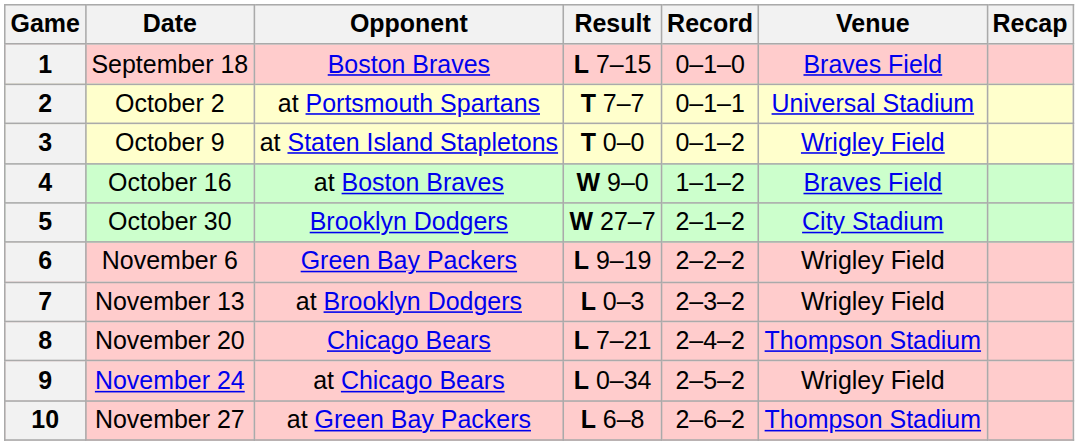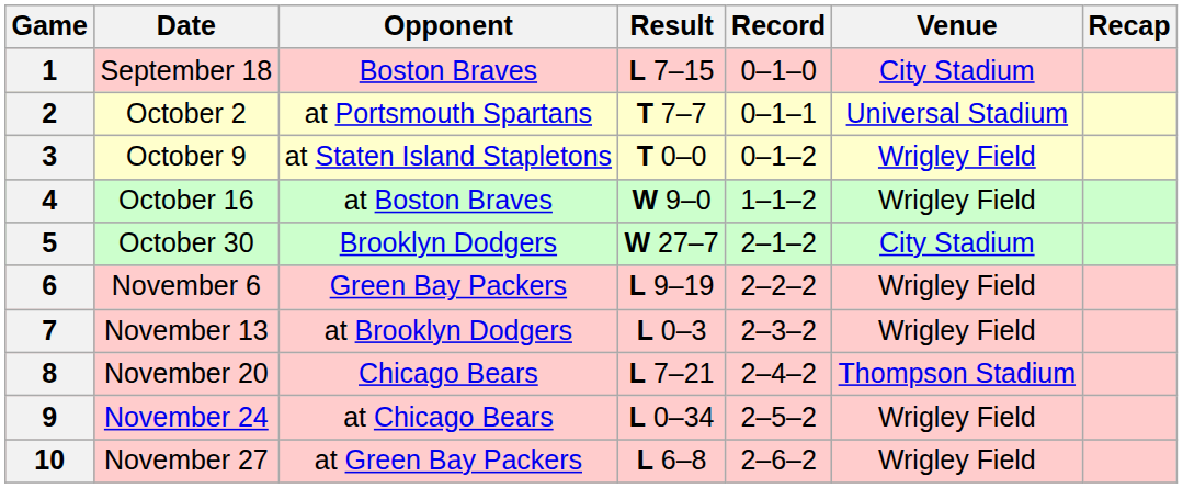 <table class="wikitable" style="text-align:center">
 <tr>
 <th>Game</th>
 <th>Date</th>
 <th>Opponent</th>
 <th>Result</th>
 <th>Record</th>
 <th>Venue</th>
 <th>Recap</th>
 </tr>
 <tr style="background:#fcc">
 <th>1</th>
 <td>September 18</td>
 <td><a href='#'>Boston Braves</a></td>
 <td><strong>L</strong> 7–15</td>
 <td>0–1–0</td>
-<td><a href='#'>Braves Field</a></td>
+<td><a href='#'>City Stadium</a></td>
 <td></td>
 </tr>
 <tr style="background:#ffc">
 <th>2</th>
 <td>October 2</td>
 <td>at <a href='#'>Portsmouth Spartans</a></td>
 <td><strong>T</strong> 7–7</td>
 <td>0–1–1</td>
 <td><a href='#'>Universal Stadium</a></td>
 <td></td>
 </tr>
 <tr style="background:#ffc">
 <th>3</th>
 <td>October 9</td>
 <td>at <a href='#'>Staten Island Stapletons</a></td>
 <td><strong>T</strong> 0–0</td>
 <td>0–1–2</td>
 <td><a href='#'>Wrigley Field</a></td>
 <td></td>
 </tr>
 <tr style="background:#cfc">
 <th>4</th>
 <td>October 16</td>
 <td>at <a href='#'>Boston Braves</a></td>
 <td><strong>W</strong> 9–0</td>
 <td>1–1–2</td>
-<td><a href='#'>Braves Field</a></td>
+<td>Wrigley Field</td>
 <td></td>
 </tr>
 <tr style="background:#cfc">
 <th>5</th>
 <td>October 30</td>
 <td><a href='#'>Brooklyn Dodgers</a></td>
 <td><strong>W</strong> 27–7</td>
 <td>2–1–2</td>
 <td><a href='#'>City Stadium</a></td>
 <td></td>
 </tr>
 <tr style="background:#fcc">
 <th>6</th>
 <td>November 6</td>
 <td><a href='#'>Green Bay Packers</a></td>
 <td><strong>L</strong> 9–19</td>
 <td>2–2–2</td>
 <td>Wrigley Field</td>
 <td></td>
 </tr>
 <tr style="background:#fcc">
 <th>7</th>
 <td>November 13</td>
 <td>at <a href='#'>Brooklyn Dodgers</a></td>
 <td><strong>L</strong> 0–3</td>
 <td>2–3–2</td>
 <td>Wrigley Field</td>
 <td></td>
 </tr>
 <tr style="background:#fcc">
 <th>8</th>
 <td>November 20</td>
 <td><a href='#'>Chicago Bears</a></td>
 <td><strong>L</strong> 7–21</td>
 <td>2–4–2</td>
 <td><a href='#'>Thompson Stadium</a></td>
 <td></td>
 </tr>
 <tr style="background:#fcc">
 <th>9</th>
 <td><a href='#'>November 24</a></td>
 <td>at <a href='#'>Chicago Bears</a></td>
 <td><strong>L</strong> 0–34</td>
 <td>2–5–2</td>
 <td>Wrigley Field</td>
 <td></td>
 </tr>
 <tr style="background:#fcc">
 <th>10</th>
 <td>November 27</td>
 <td>at <a href='#'>Green Bay Packers</a></td>
 <td><strong>L</strong> 6–8</td>
 <td>2–6–2</td>
-<td><a href='#'>Thompson Stadium</a></td>
+<td>Wrigley Field</td>
 <td></td>
 </tr>
 </table>
